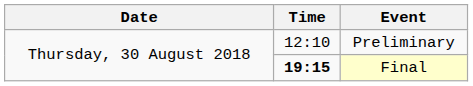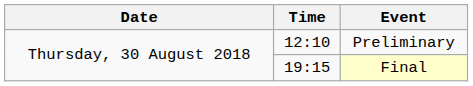 <table class = "wikitable" style="text-align:center;">
 <tr>
 <th width=220>Date</th>
 <th width=50>Time</th>
 <th width=100>Event</th>
 </tr>
 <tr>
 <td rowspan=2>Thursday, 30 August 2018</td>
 <td>12:10</td>
 <td>Preliminary</td>
 </tr>
 <tr>
-<td><strong>19:15</strong></td>
+<td>19:15</td>
 <td bgcolor=ffffcc>Final</td>
 </tr>
 </table>
